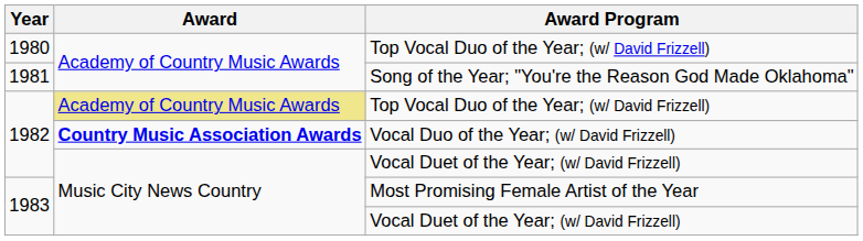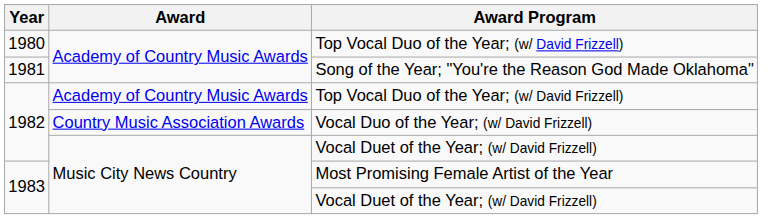 <table class="wikitable">
 <tr>
 <th>Year</th>
 <th>Award</th>
 <th>Award Program</th>
 </tr>
 <tr>
 <td>1980</td>
 <td rowspan="2"><a href='#'>Academy of Country Music Awards</a></td>
 <td>Top Vocal Duo of the Year; <small> (w/ <a href='#'>David Frizzell</a>) </small></td>
 </tr>
 <tr>
 <td>1981</td>
 <td>Song of the Year; "You're the Reason God Made Oklahoma"</td>
 </tr>
 <tr>
 <td rowspan="3">1982</td>
-<td style="background: khaki;"><a href='#'>Academy of Country Music Awards</a></td>
+<td><a href='#'>Academy of Country Music Awards</a></td>
 <td>Top Vocal Duo of the Year; <small> (w/ David Frizzell) </small></td>
 </tr>
 <tr>
-<td><strong><a href='#'>Country Music Association Awards</a></strong></td>
+<td><a href='#'>Country Music Association Awards</a></td>
 <td>Vocal Duo of the Year; <small> (w/ David Frizzell) </small></td>
 </tr>
 <tr>
 <td rowspan="3">Music City News Country</td>
 <td>Vocal Duet of the Year; <small> (w/ David Frizzell) </small></td>
 </tr>
 <tr>
 <td rowspan="2">1983</td>
 <td>Most Promising Female Artist of the Year</td>
 </tr>
 <tr>
 <td>Vocal Duet of the Year; <small> (w/ David Frizzell) </small></td>
 </tr>
 </table>
